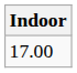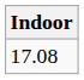 <table class="wikitable" border="1" align="upright">
 <tr>
 <th>Indoor</th>
 </tr>
 <tr>
-<td>17.00</td>
+<td>17.08</td>
 </tr>
 </table>
